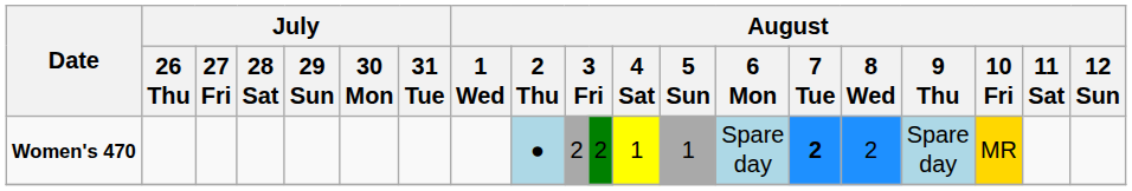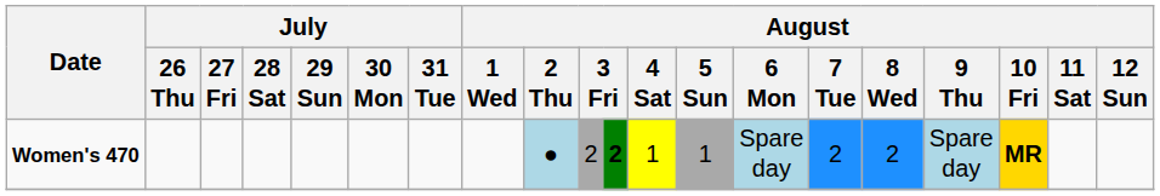 <table class="wikitable" style="margin:0.5em auto; font-size:90%; line-height:1.25em;">
 <tr>
 <th rowspan=2>Date</th>
 <th colspan=6>July</th>
 <th colspan=13>August</th>
 </tr>
 <tr>
 <th>26<br>Thu</th>
 <th>27<br>Fri</th>
 <th>28<br>Sat</th>
 <th>29<br>Sun</th>
 <th>30<br>Mon</th>
 <th>31<br>Tue</th>
 <th>1<br>Wed</th>
 <th>2<br>Thu</th>
 <th colspan=2>3<br>Fri</th>
 <th>4<br>Sat</th>
 <th>5<br>Sun</th>
 <th>6<br>Mon</th>
 <th>7<br>Tue</th>
 <th>8<br>Wed</th>
 <th>9<br>Thu</th>
 <th>10<br>Fri</th>
 <th>11<br>Sat</th>
 <th>12<br>Sun</th>
 </tr>
 <tr align="center">
 <td align="right"><small><strong>Women's 470</strong></small></td>
 <td></td>
 <td></td>
 <td></td>
 <td></td>
 <td></td>
 <td></td>
 <td></td>
 <td bgcolor=LightBlue><span> ● </span></td>
 <td bgcolor=DarkGrey><span> 2 </span></td>
-<td bgcolor=Green><span> 2 </span></td>
+<td bgcolor=Green><strong><span> 2 </span></strong></td>
 <td bgcolor=Yellow><span> 1 </span></td>
 <td bgcolor=DarkGrey><span> 1 </span></td>
 <td bgcolor=LightBlue><span> Spare<br>day </span></td>
-<td bgcolor=DodgerBlue><strong><span> 2 </span></strong></td>
+<td bgcolor=DodgerBlue><span> 2 </span></td>
 <td bgcolor=DodgerBlue><span> 2 </span></td>
 <td bgcolor=LightBlue><span> Spare<br>day </span></td>
-<td bgcolor=Gold><span> MR </span></td>
+<td bgcolor=Gold><strong><span> MR </span></strong></td>
 <td></td>
 <td></td>
 </tr>
 <tr>
 </tr>
 </table>
